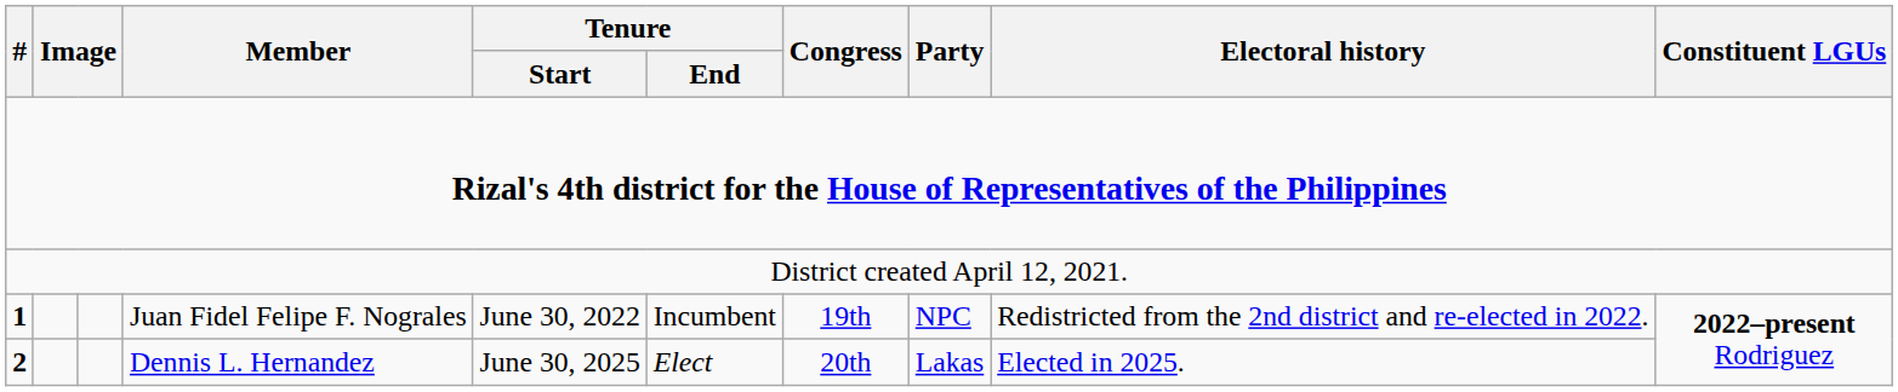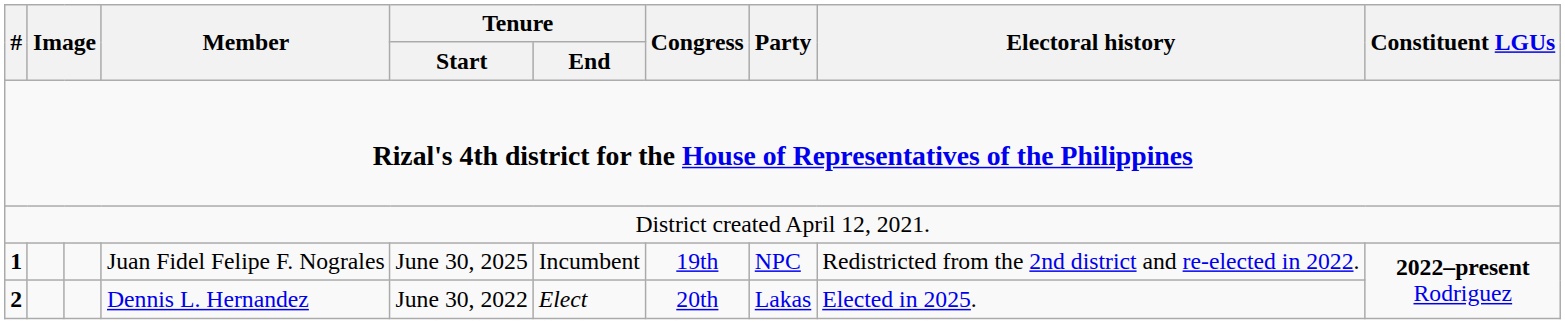 <table class="wikitable">
 <tr>
 <th rowspan="2">#</th>
 <th rowspan=2 colspan=2>Image</th>
 <th rowspan="2">Member</th>
 <th colspan="2">Tenure</th>
 <th rowspan="2">Congress</th>
 <th rowspan="2">Party</th>
 <th rowspan="2">Electoral history</th>
 <th rowspan="2">Constituent <a href='#'>LGUs</a></th>
 </tr>
 <tr>
 <th>Start</th>
 <th>End</th>
 </tr>
 <tr>
 <td colspan="10" style="text-align:center;"><br><h3>Rizal's 4th district for the <a href='#'>House of Representatives of the Philippines</a></h3></td>
 </tr>
 <tr>
 <td colspan="10" style="text-align:center;">District created April 12, 2021.</td>
 </tr>
 <tr>
 <td><strong>1</strong></td>
 <td style="color:inherit;background:"></td>
 <td></td>
 <td>Juan Fidel Felipe F. Nograles</td>
-<td>June 30, 2022</td>
+<td>June 30, 2025</td>
 <td>Incumbent</td>
 <td style="text-align:center;"><a href='#'>19th</a></td>
 <td><a href='#'>NPC</a></td>
 <td>Redistricted from the <a href='#'>2nd district</a> and <a href='#'>re-elected in 2022</a>.</td>
 <td style="text-align:center;" rowspan="2"><strong>2022–present</strong><br><a href='#'>Rodriguez<br></a></td>
 </tr>
 <tr>
 <td><strong>2</strong></td>
 <td style="color:inherit;background:"></td>
 <td></td>
 <td><a href='#'>Dennis L. Hernandez</a></td>
-<td>June 30, 2025</td>
+<td>June 30, 2022</td>
 <td><em>Elect</em></td>
 <td style="text-align:center;"><a href='#'>20th</a></td>
 <td><a href='#'>Lakas</a></td>
 <td><a href='#'>Elected in 2025</a>.</td>
 </tr>
 </table>
